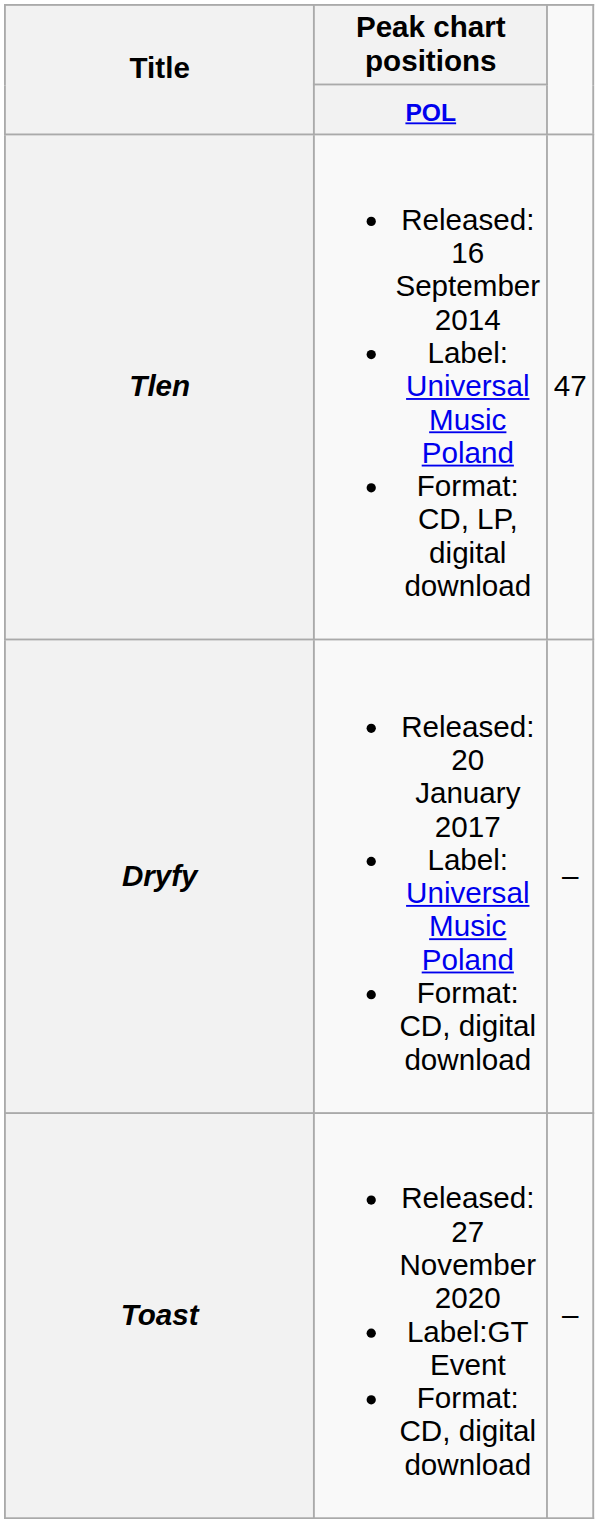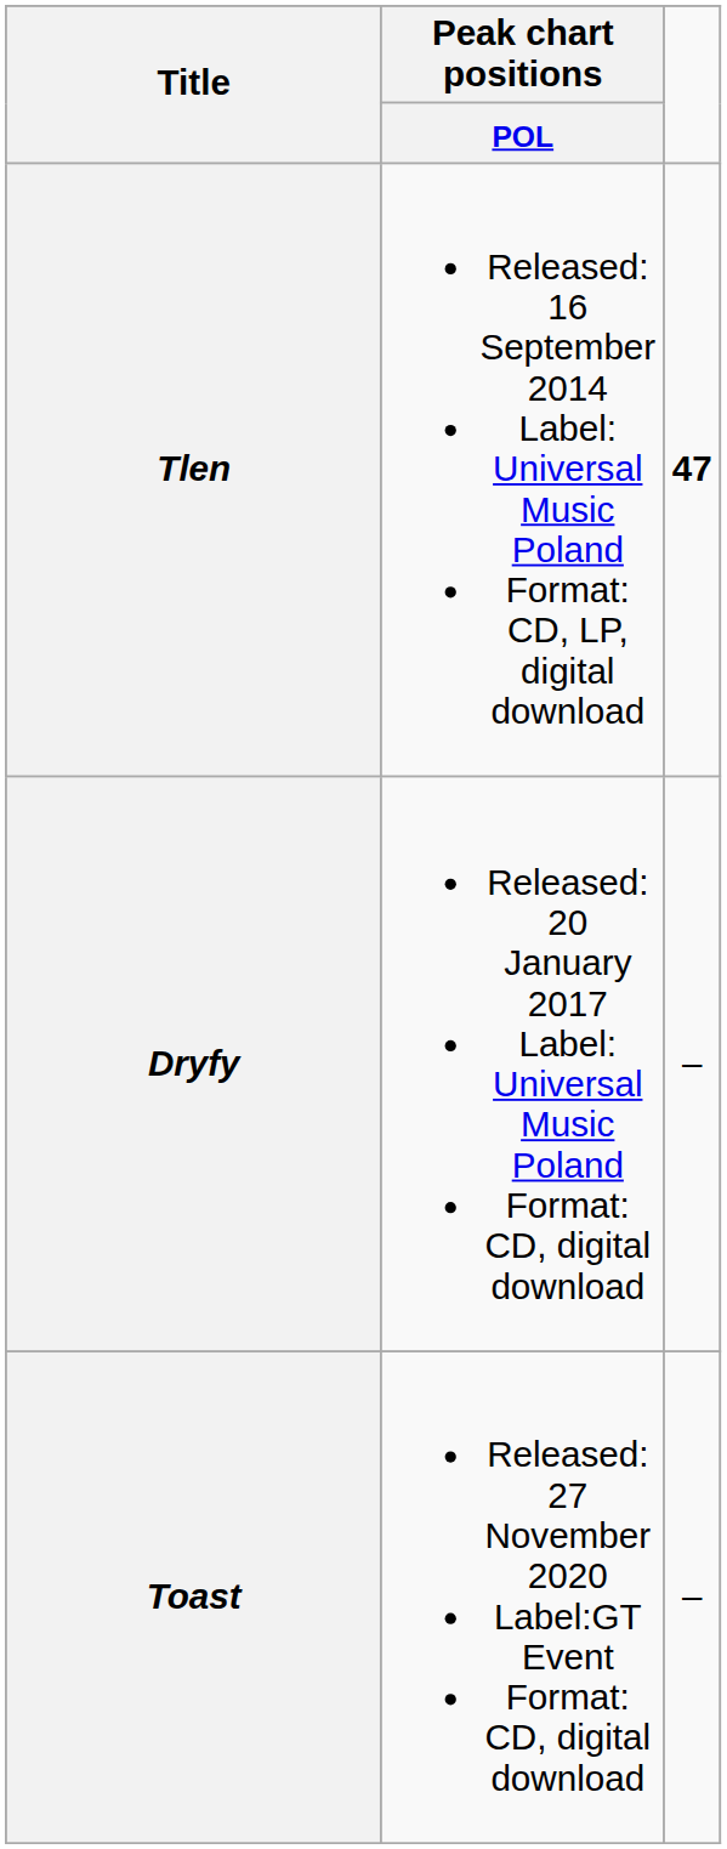 <table class="wikitable plainrowheaders" style="text-align:center;">
 <tr>
 <th rowspan=2 style="width:10em;">Title</th>
 <th colspan=1>Peak chart positions</th>
 </tr>
 <tr style="vertical-align:top;line-height:1.2">
 <th width=25px><small><a href='#'>POL</a></small><br></th>
 </tr>
 <tr>
 <th scope="row"><em>Tlen</em></th>
 <td><br><ul><li>Released: 16 September 2014</li><li>Label: <a href='#'>Universal Music Poland</a></li><li>Format: CD, LP, digital download</li></ul></td>
-<td align="center">47</td>
+<td align="center"><strong>47</strong></td>
 </tr>
 <tr>
 <th scope="row"><em>Dryfy</em></th>
 <td><br><ul><li>Released: 20 January 2017</li><li>Label: <a href='#'>Universal Music Poland</a></li><li>Format: CD, digital download</li></ul></td>
 <td>–</td>
 </tr>
 <tr>
 <th scope="row"><em>Toast</em></th>
 <td><br><ul><li>Released: 27 November 2020</li><li>Label:GT Event</li><li>Format: CD, digital download</li></ul></td>
 <td>–</td>
 </tr>
 </table>
